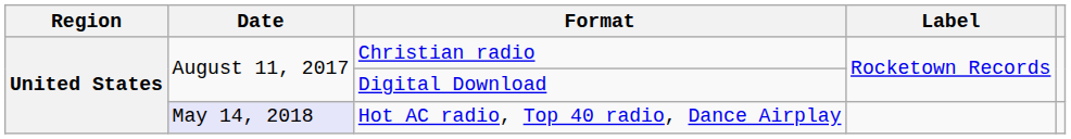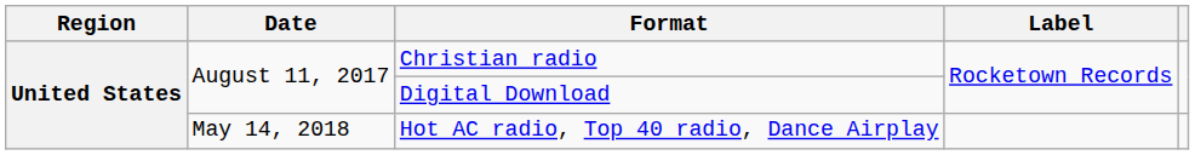 <table class="wikitable plainrowheaders">
 <tr>
 <th scope="col">Region</th>
 <th scope="col">Date</th>
 <th scope="col">Format</th>
 <th scope="col">Label</th>
 <th scope="col"></th>
 </tr>
 <tr>
 <th scope="row" rowspan="3">United States</th>
 <td rowspan="2">August 11, 2017</td>
 <td><a href='#'>Christian radio</a></td>
 <td rowspan="2"><a href='#'>Rocketown Records</a></td>
 <td rowspan="2"></td>
 </tr>
 <tr>
 <td><a href='#'>Digital Download</a></td>
 </tr>
 <tr>
-<td style="background: lavender;">May 14, 2018</td>
+<td>May 14, 2018</td>
 <td><a href='#'>Hot AC radio</a>, <a href='#'>Top 40 radio</a>, <a href='#'>Dance Airplay</a></td>
 <td></td>
 <td></td>
 </tr>
 </table>
